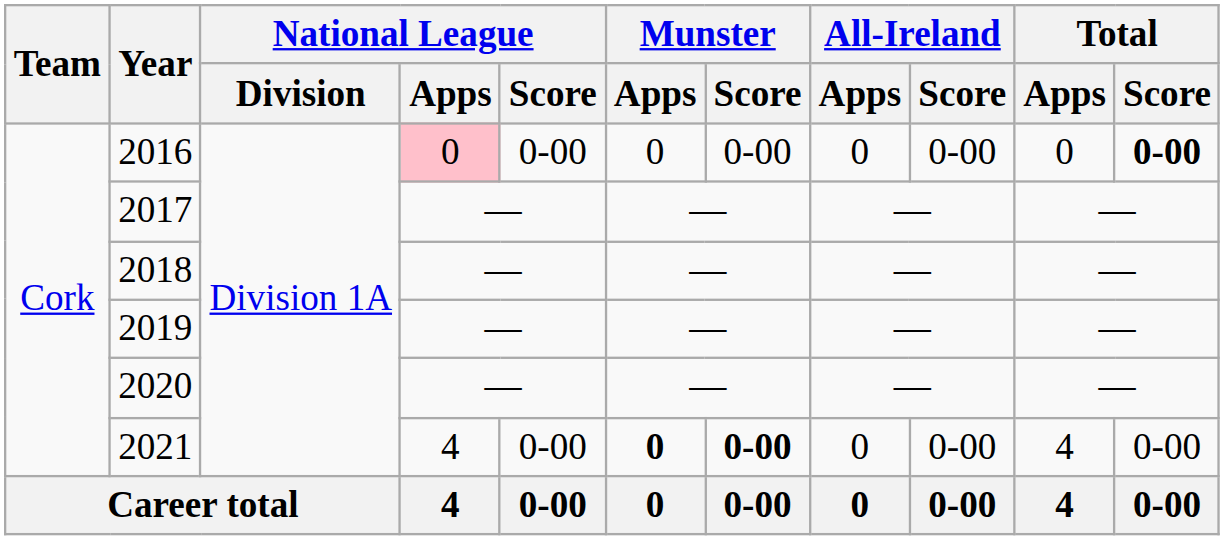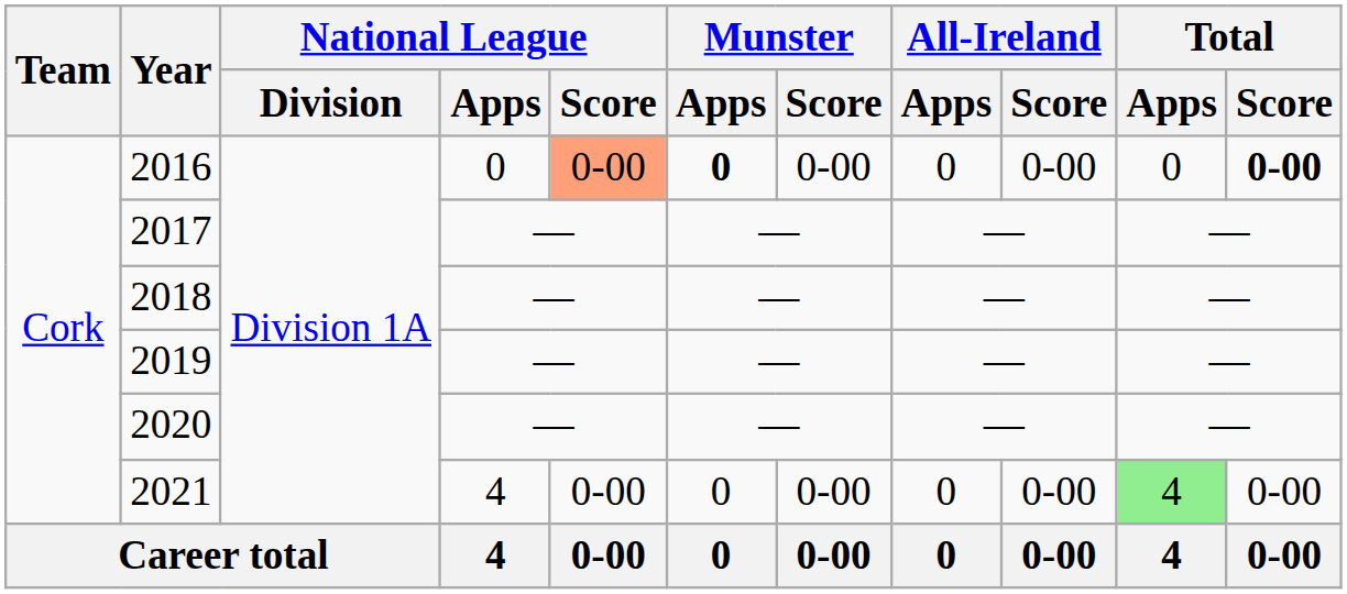 <table class="wikitable" style="text-align:center">
 <tr>
 <th rowspan="2">Team</th>
 <th rowspan="2">Year</th>
 <th colspan="3"><a href='#'>National League</a></th>
 <th colspan="2"><a href='#'>Munster</a></th>
 <th colspan="2"><a href='#'>All-Ireland</a></th>
 <th colspan="2">Total</th>
 </tr>
 <tr>
 <th>Division</th>
 <th>Apps</th>
 <th>Score</th>
 <th>Apps</th>
 <th>Score</th>
 <th>Apps</th>
 <th>Score</th>
 <th>Apps</th>
 <th>Score</th>
 </tr>
 <tr>
 <td rowspan="6"><a href='#'>Cork</a></td>
 <td>2016</td>
 <td rowspan="6"><a href='#'>Division 1A</a></td>
-<td style="background: pink;">0</td>
-<td>0-00</td>
 <td>0</td>
+<td style="background: lightsalmon;">0-00</td>
+<td><strong>0</strong></td>
 <td>0-00</td>
 <td>0</td>
 <td>0-00</td>
 <td>0</td>
 <td><strong>0-00</strong></td>
 </tr>
 <tr>
 <td>2017</td>
 <td colspan=2>—</td>
 <td colspan=2>—</td>
 <td colspan=2>—</td>
 <td colspan=2>—</td>
 </tr>
 <tr>
 <td>2018</td>
 <td colspan=2>—</td>
 <td colspan=2>—</td>
 <td colspan=2>—</td>
 <td colspan=2>—</td>
 </tr>
 <tr>
 <td>2019</td>
 <td colspan=2>—</td>
 <td colspan=2>—</td>
 <td colspan=2>—</td>
 <td colspan=2>—</td>
 </tr>
 <tr>
 <td>2020</td>
 <td colspan=2>—</td>
 <td colspan=2>—</td>
 <td colspan=2>—</td>
 <td colspan=2>—</td>
 </tr>
 <tr>
 <td>2021</td>
 <td>4</td>
 <td>0-00</td>
-<td><strong>0</strong></td>
-<td><strong>0-00</strong></td>
 <td>0</td>
 <td>0-00</td>
-<td>4</td>
+<td>0</td>
+<td>0-00</td>
+<td style="background: lightgreen;">4</td>
 <td>0-00</td>
 </tr>
 <tr>
 <th colspan="3">Career total</th>
 <th>4</th>
 <th>0-00</th>
 <th>0</th>
 <th>0-00</th>
 <th>0</th>
 <th>0-00</th>
 <th>4</th>
 <th>0-00</th>
 </tr>
 </table>
